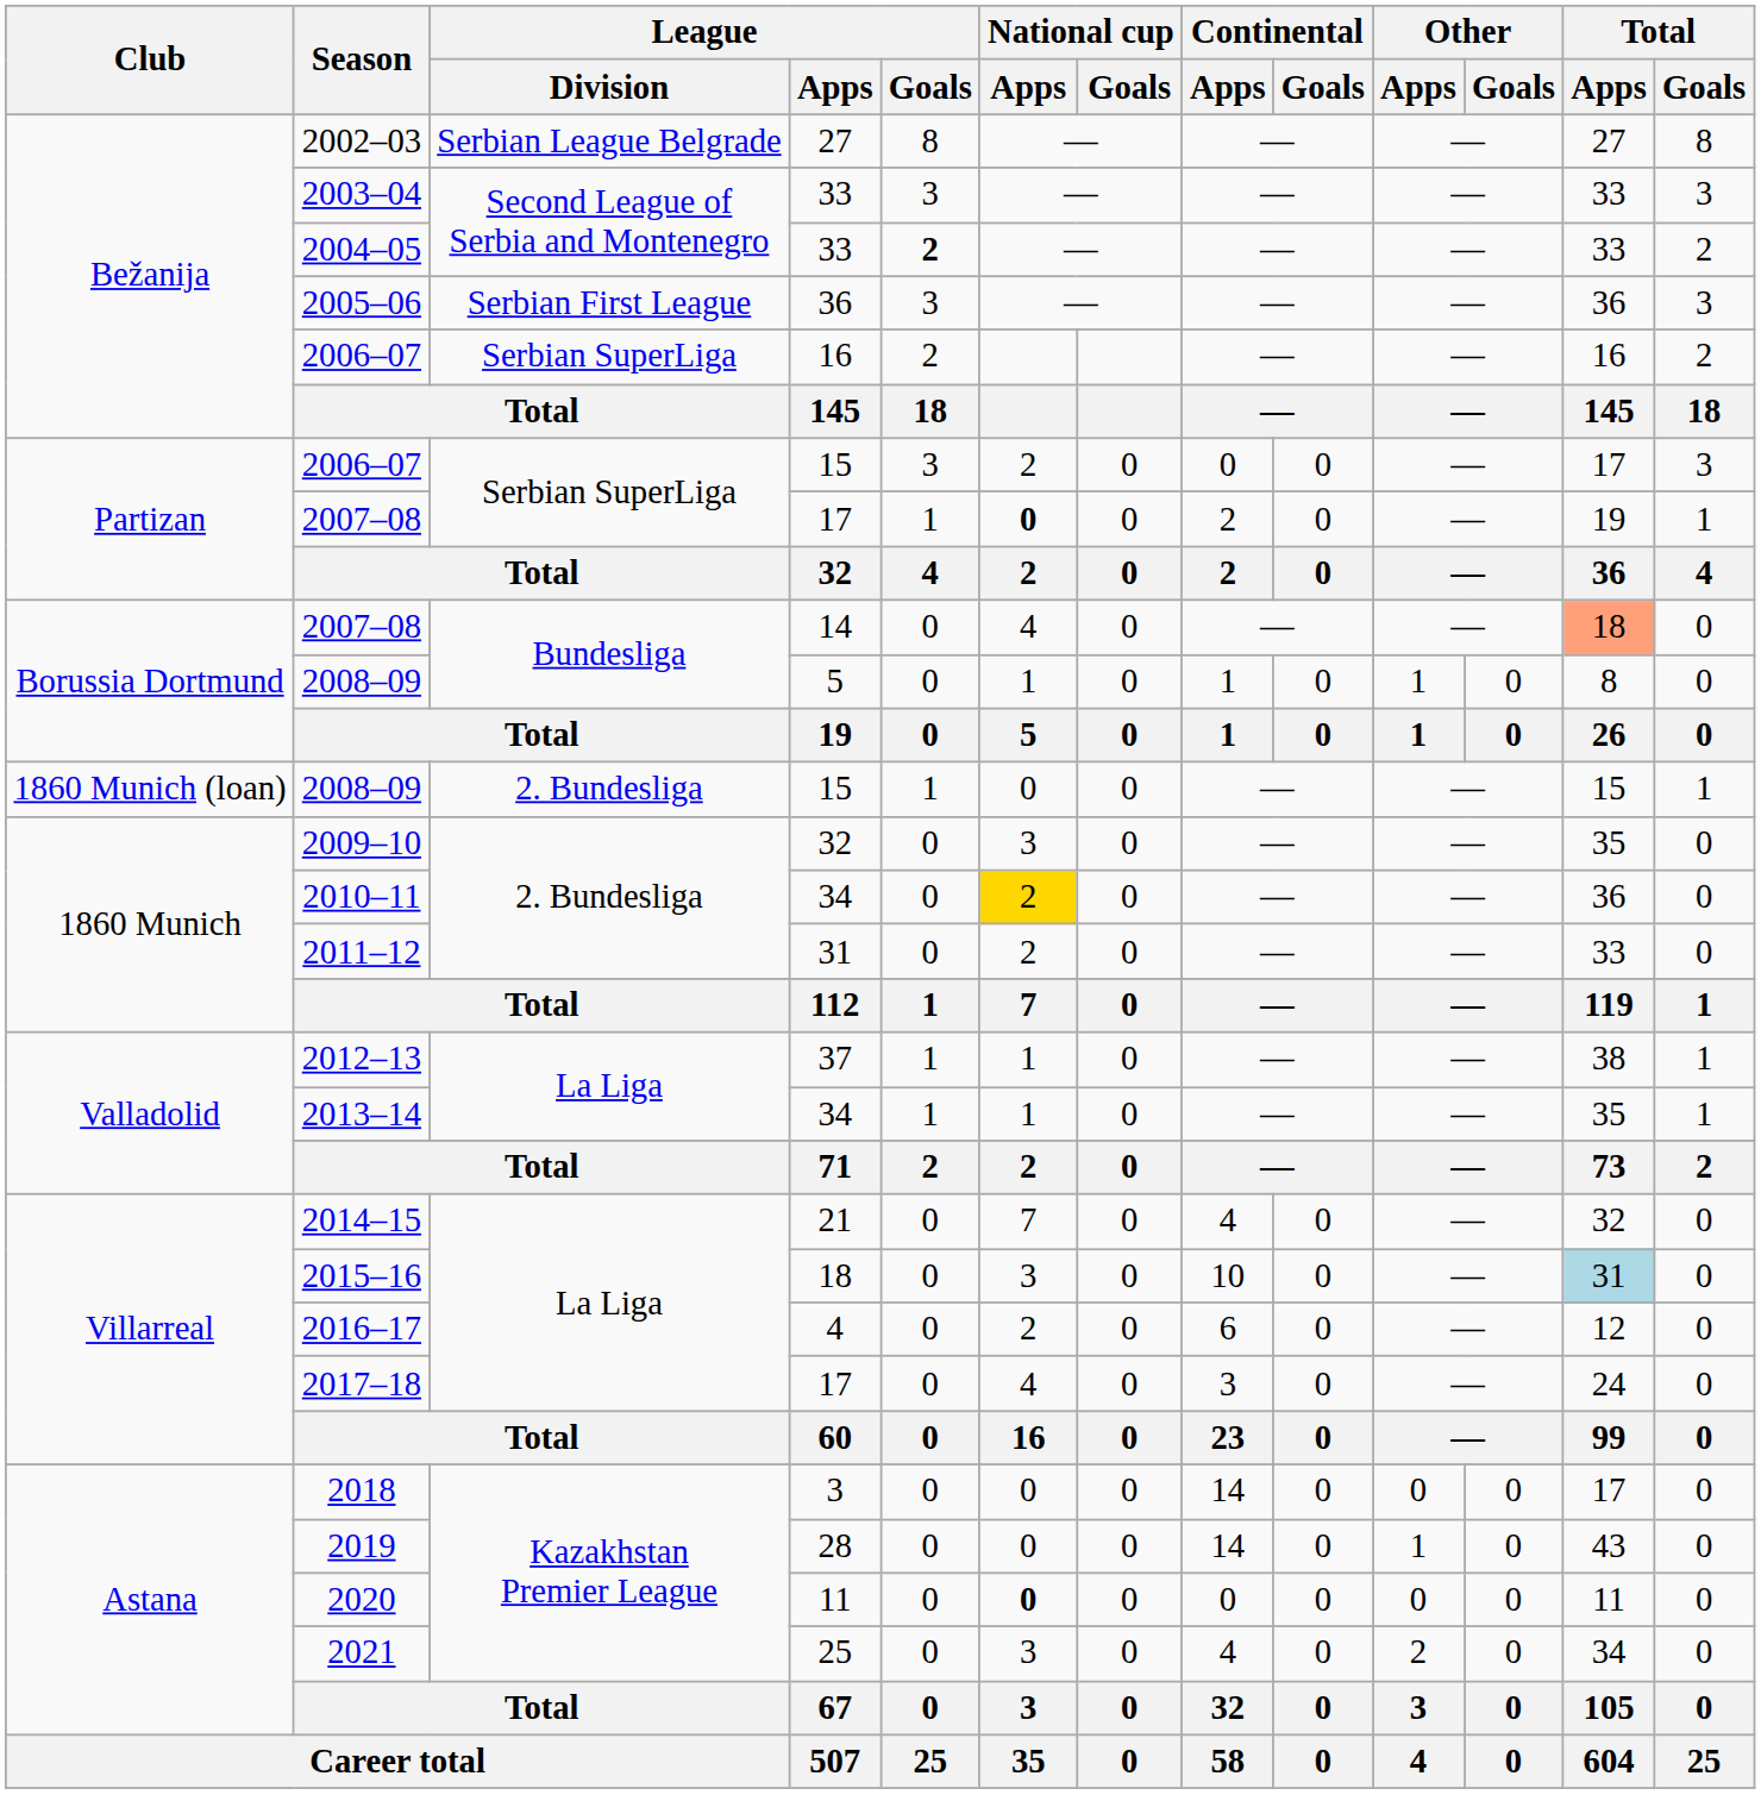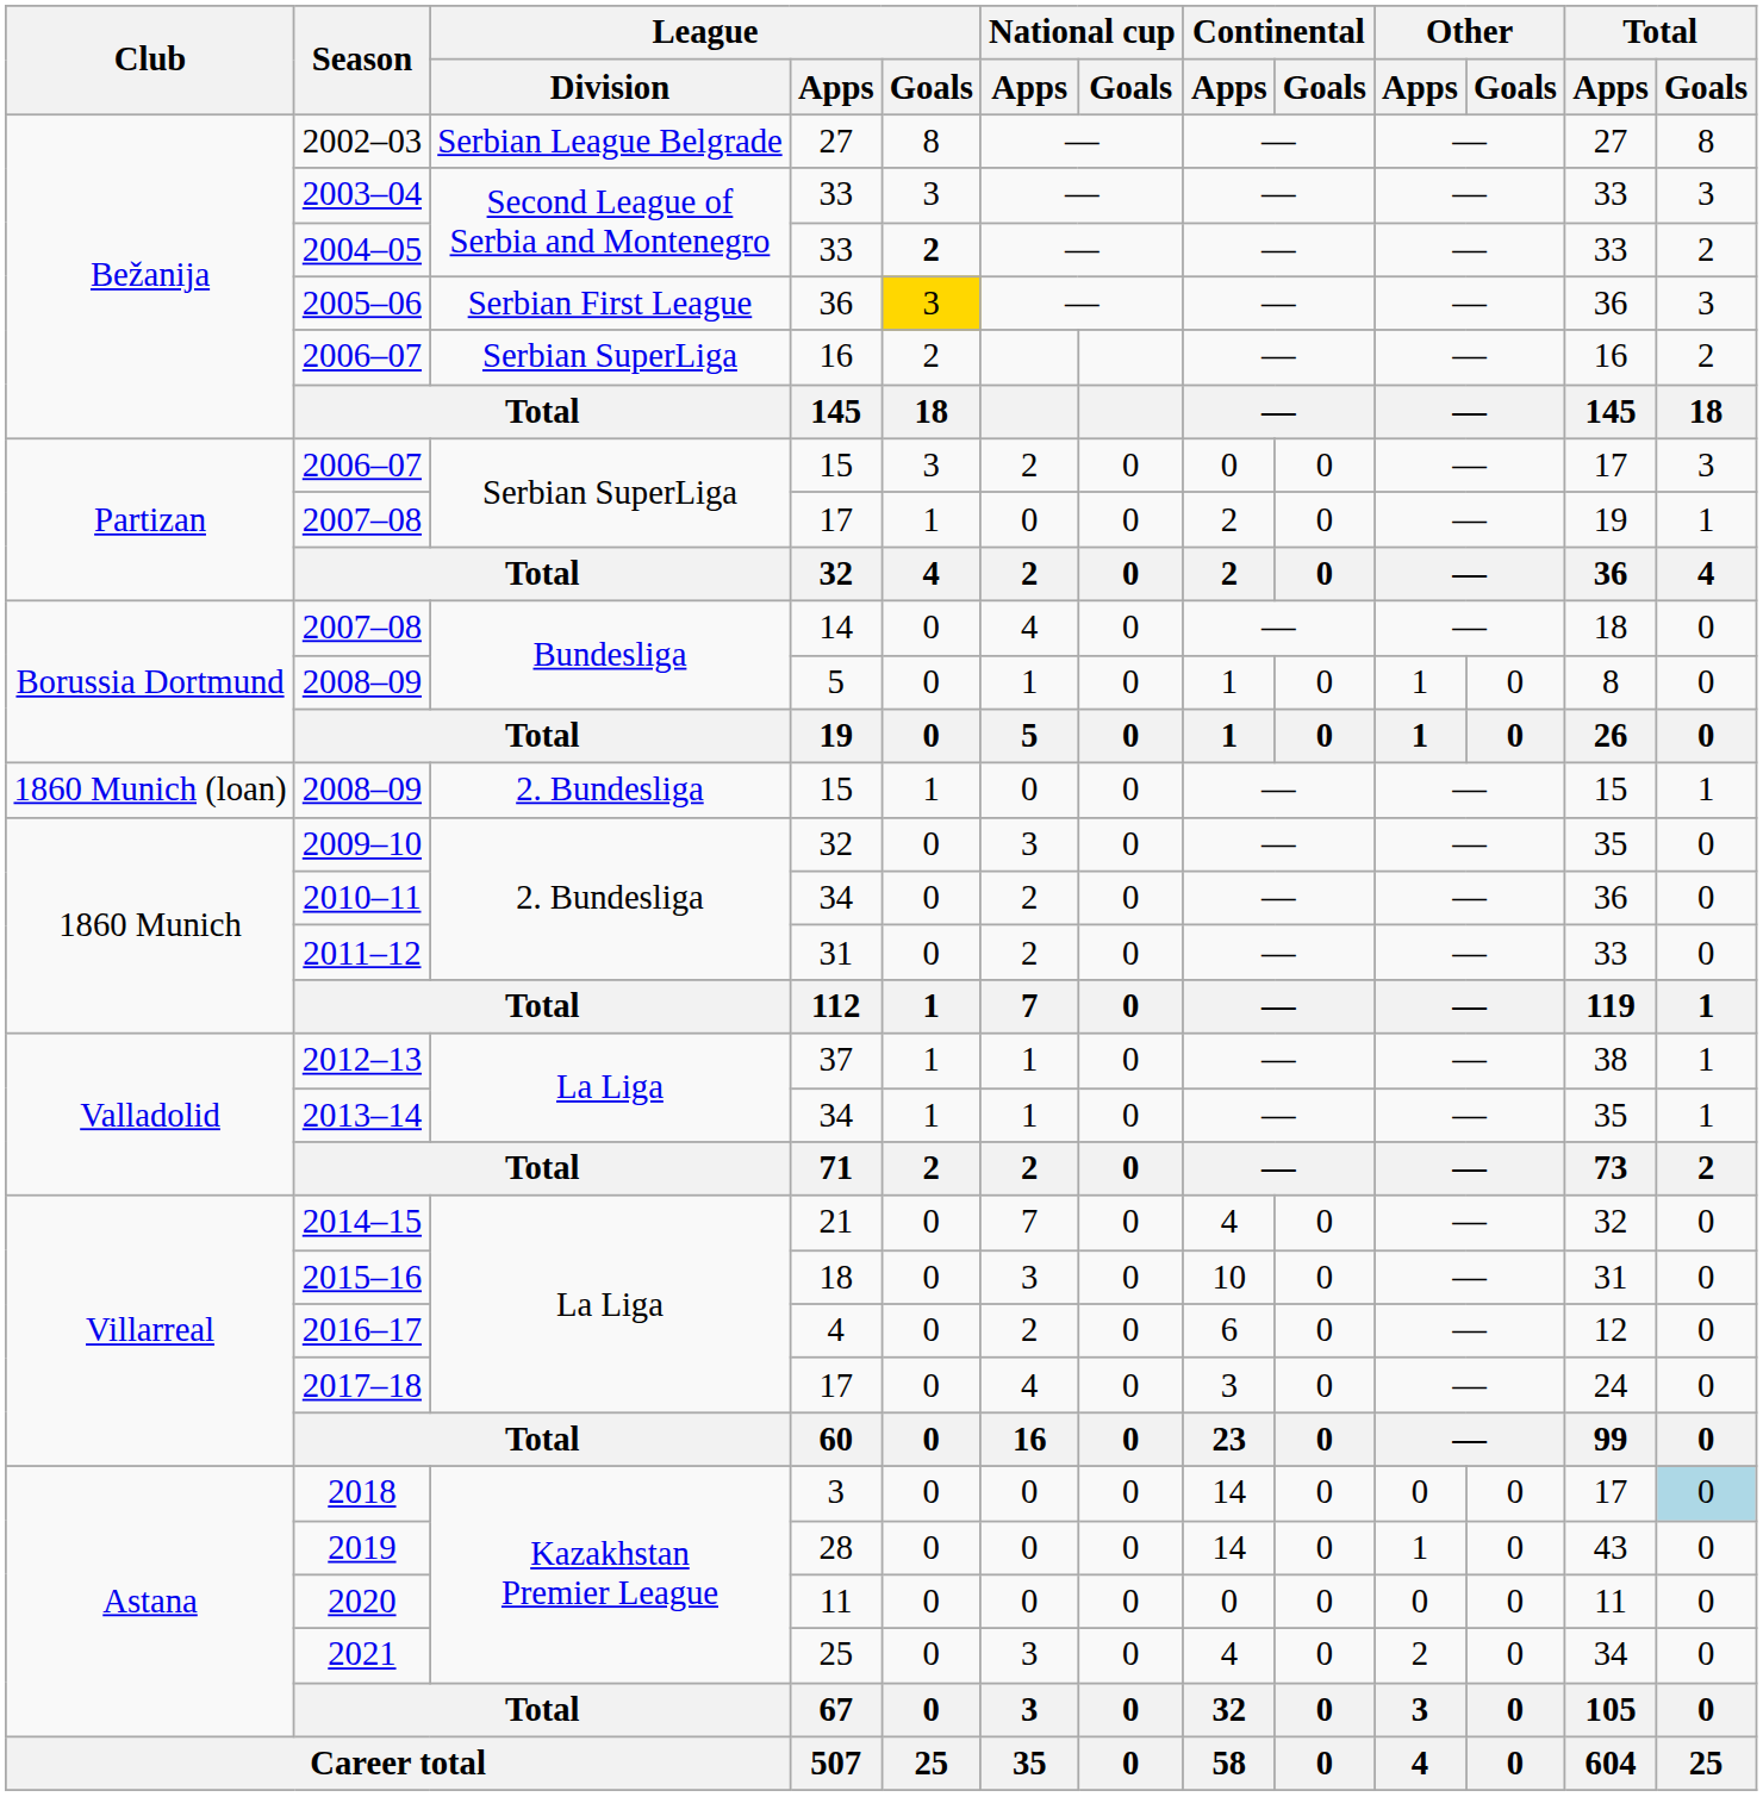 <table class="wikitable" style="text-align:center">
 <tr>
 <th rowspan="2">Club</th>
 <th rowspan="2">Season</th>
 <th colspan="3">League</th>
 <th colspan="2">National cup</th>
 <th colspan="2">Continental</th>
 <th colspan="2">Other</th>
 <th colspan="2">Total</th>
 </tr>
 <tr>
 <th>Division</th>
 <th>Apps</th>
 <th>Goals</th>
 <th>Apps</th>
 <th>Goals</th>
 <th>Apps</th>
 <th>Goals</th>
 <th>Apps</th>
 <th>Goals</th>
 <th>Apps</th>
 <th>Goals</th>
 </tr>
 <tr>
 <td rowspan="6"><a href='#'>Bežanija</a></td>
 <td>2002–03</td>
 <td><a href='#'>Serbian League Belgrade</a></td>
 <td>27</td>
 <td>8</td>
 <td colspan="2">—</td>
 <td colspan="2">—</td>
 <td colspan="2">—</td>
 <td>27</td>
 <td>8</td>
 </tr>
 <tr>
 <td><a href='#'>2003–04</a></td>
 <td rowspan="2"><a href='#'>Second League of <br> Serbia and Montenegro</a></td>
 <td>33</td>
 <td>3</td>
 <td colspan="2">—</td>
 <td colspan="2">—</td>
 <td colspan="2">—</td>
 <td>33</td>
 <td>3</td>
 </tr>
 <tr>
 <td><a href='#'>2004–05</a></td>
 <td>33</td>
 <td><strong>2</strong></td>
 <td colspan="2">—</td>
 <td colspan="2">—</td>
 <td colspan="2">—</td>
 <td>33</td>
 <td>2</td>
 </tr>
 <tr>
 <td><a href='#'>2005–06</a></td>
 <td><a href='#'>Serbian First League</a></td>
 <td>36</td>
-<td>3</td>
+<td style="background: gold;">3</td>
 <td colspan="2">—</td>
 <td colspan="2">—</td>
 <td colspan="2">—</td>
 <td>36</td>
 <td>3</td>
 </tr>
 <tr>
 <td><a href='#'>2006–07</a></td>
 <td><a href='#'>Serbian SuperLiga</a></td>
 <td>16</td>
 <td>2</td>
 <td></td>
 <td></td>
 <td colspan="2">—</td>
 <td colspan="2">—</td>
 <td>16</td>
 <td>2</td>
 </tr>
 <tr>
 <th colspan="2">Total</th>
 <th>145</th>
 <th>18</th>
 <th></th>
 <th></th>
 <th colspan="2">—</th>
 <th colspan="2">—</th>
 <th>145</th>
 <th>18</th>
 </tr>
 <tr>
 <td rowspan="3"><a href='#'>Partizan</a></td>
 <td><a href='#'>2006–07</a></td>
 <td rowspan="2">Serbian SuperLiga</td>
 <td>15</td>
 <td>3</td>
 <td>2</td>
 <td>0</td>
 <td>0</td>
 <td>0</td>
 <td colspan="2">—</td>
 <td>17</td>
 <td>3</td>
 </tr>
 <tr>
 <td><a href='#'>2007–08</a></td>
 <td>17</td>
 <td>1</td>
-<td><strong>0</strong></td>
+<td>0</td>
 <td>0</td>
 <td>2</td>
 <td>0</td>
 <td colspan="2">—</td>
 <td>19</td>
 <td>1</td>
 </tr>
 <tr>
 <th colspan="2">Total</th>
 <th>32</th>
 <th>4</th>
 <th>2</th>
 <th>0</th>
 <th>2</th>
 <th>0</th>
 <th colspan="2">—</th>
 <th>36</th>
 <th>4</th>
 </tr>
 <tr>
 <td rowspan="3"><a href='#'>Borussia Dortmund</a></td>
 <td><a href='#'>2007–08</a></td>
 <td rowspan="2"><a href='#'>Bundesliga</a></td>
 <td>14</td>
 <td>0</td>
 <td>4</td>
 <td>0</td>
 <td colspan="2">—</td>
 <td colspan="2">—</td>
-<td style="background: lightsalmon;">18</td>
+<td>18</td>
 <td>0</td>
 </tr>
 <tr>
 <td><a href='#'>2008–09</a></td>
 <td>5</td>
 <td>0</td>
 <td>1</td>
 <td>0</td>
 <td>1</td>
 <td>0</td>
 <td>1</td>
 <td>0</td>
 <td>8</td>
 <td>0</td>
 </tr>
 <tr>
 <th colspan="2">Total</th>
 <th>19</th>
 <th>0</th>
 <th>5</th>
 <th>0</th>
 <th>1</th>
 <th>0</th>
 <th>1</th>
 <th>0</th>
 <th>26</th>
 <th>0</th>
 </tr>
 <tr>
 <td><a href='#'>1860 Munich</a> (loan)</td>
 <td><a href='#'>2008–09</a></td>
 <td><a href='#'>2. Bundesliga</a></td>
 <td>15</td>
 <td>1</td>
 <td>0</td>
 <td>0</td>
 <td colspan="2">—</td>
 <td colspan="2">—</td>
 <td>15</td>
 <td>1</td>
 </tr>
 <tr>
 <td rowspan="4">1860 Munich</td>
 <td><a href='#'>2009–10</a></td>
 <td rowspan="3">2. Bundesliga</td>
 <td>32</td>
 <td>0</td>
 <td>3</td>
 <td>0</td>
 <td colspan="2">—</td>
 <td colspan="2">—</td>
 <td>35</td>
 <td>0</td>
 </tr>
 <tr>
 <td><a href='#'>2010–11</a></td>
 <td>34</td>
 <td>0</td>
-<td style="background: gold;">2</td>
+<td>2</td>
 <td>0</td>
 <td colspan="2">—</td>
 <td colspan="2">—</td>
 <td>36</td>
 <td>0</td>
 </tr>
 <tr>
 <td><a href='#'>2011–12</a></td>
 <td>31</td>
 <td>0</td>
 <td>2</td>
 <td>0</td>
 <td colspan="2">—</td>
 <td colspan="2">—</td>
 <td>33</td>
 <td>0</td>
 </tr>
 <tr>
 <th colspan="2">Total</th>
 <th>112</th>
 <th>1</th>
 <th>7</th>
 <th>0</th>
 <th colspan="2">—</th>
 <th colspan="2">—</th>
 <th>119</th>
 <th>1</th>
 </tr>
 <tr>
 <td rowspan="3"><a href='#'>Valladolid</a></td>
 <td><a href='#'>2012–13</a></td>
 <td rowspan="2"><a href='#'>La Liga</a></td>
 <td>37</td>
 <td>1</td>
 <td>1</td>
 <td>0</td>
 <td colspan="2">—</td>
 <td colspan="2">—</td>
 <td>38</td>
 <td>1</td>
 </tr>
 <tr>
 <td><a href='#'>2013–14</a></td>
 <td>34</td>
 <td>1</td>
 <td>1</td>
 <td>0</td>
 <td colspan="2">—</td>
 <td colspan="2">—</td>
 <td>35</td>
 <td>1</td>
 </tr>
 <tr>
 <th colspan="2">Total</th>
 <th>71</th>
 <th>2</th>
 <th>2</th>
 <th>0</th>
 <th colspan="2">—</th>
 <th colspan="2">—</th>
 <th>73</th>
 <th>2</th>
 </tr>
 <tr>
 <td rowspan="5"><a href='#'>Villarreal</a></td>
 <td><a href='#'>2014–15</a></td>
 <td rowspan="4">La Liga</td>
 <td>21</td>
 <td>0</td>
 <td>7</td>
 <td>0</td>
 <td>4</td>
 <td>0</td>
 <td colspan="2">—</td>
 <td>32</td>
 <td>0</td>
 </tr>
 <tr>
 <td><a href='#'>2015–16</a></td>
 <td>18</td>
 <td>0</td>
 <td>3</td>
 <td>0</td>
 <td>10</td>
 <td>0</td>
 <td colspan="2">—</td>
-<td style="background: lightblue;">31</td>
+<td>31</td>
 <td>0</td>
 </tr>
 <tr>
 <td><a href='#'>2016–17</a></td>
 <td>4</td>
 <td>0</td>
 <td>2</td>
 <td>0</td>
 <td>6</td>
 <td>0</td>
 <td colspan="2">—</td>
 <td>12</td>
 <td>0</td>
 </tr>
 <tr>
 <td><a href='#'>2017–18</a></td>
 <td>17</td>
 <td>0</td>
 <td>4</td>
 <td>0</td>
 <td>3</td>
 <td>0</td>
 <td colspan="2">—</td>
 <td>24</td>
 <td>0</td>
 </tr>
 <tr>
 <th colspan="2">Total</th>
 <th>60</th>
 <th>0</th>
 <th>16</th>
 <th>0</th>
 <th>23</th>
 <th>0</th>
 <th colspan="2">—</th>
 <th>99</th>
 <th>0</th>
 </tr>
 <tr>
 <td rowspan="5"><a href='#'>Astana</a></td>
 <td><a href='#'>2018</a></td>
 <td rowspan="4"><a href='#'>Kazakhstan <br> Premier League</a></td>
 <td>3</td>
 <td>0</td>
 <td>0</td>
 <td>0</td>
 <td>14</td>
 <td>0</td>
 <td>0</td>
 <td>0</td>
 <td>17</td>
-<td>0</td>
+<td style="background: lightblue;">0</td>
 </tr>
 <tr>
 <td><a href='#'>2019</a></td>
 <td>28</td>
 <td>0</td>
 <td>0</td>
 <td>0</td>
 <td>14</td>
 <td>0</td>
 <td>1</td>
 <td>0</td>
 <td>43</td>
 <td>0</td>
 </tr>
 <tr>
 <td><a href='#'>2020</a></td>
 <td>11</td>
 <td>0</td>
-<td><strong>0</strong></td>
+<td>0</td>
 <td>0</td>
 <td>0</td>
 <td>0</td>
 <td>0</td>
 <td>0</td>
 <td>11</td>
 <td>0</td>
 </tr>
 <tr>
 <td><a href='#'>2021</a></td>
 <td>25</td>
 <td>0</td>
 <td>3</td>
 <td>0</td>
 <td>4</td>
 <td>0</td>
 <td>2</td>
 <td>0</td>
 <td>34</td>
 <td>0</td>
 </tr>
 <tr>
 <th colspan="2">Total</th>
 <th>67</th>
 <th>0</th>
 <th>3</th>
 <th>0</th>
 <th>32</th>
 <th>0</th>
 <th>3</th>
 <th>0</th>
 <th>105</th>
 <th>0</th>
 </tr>
 <tr>
 <th colspan="3">Career total</th>
 <th>507</th>
 <th>25</th>
 <th>35</th>
 <th>0</th>
 <th>58</th>
 <th>0</th>
 <th>4</th>
 <th>0</th>
 <th>604</th>
 <th>25</th>
 </tr>
 </table>
